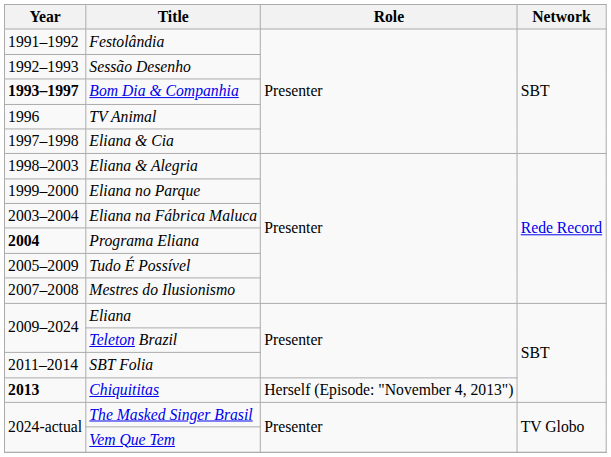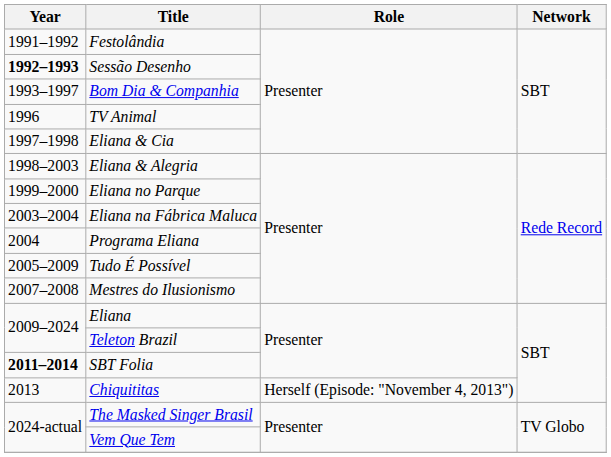 <table class="wikitable">
 <tr>
 <th>Year</th>
 <th>Title</th>
 <th>Role</th>
 <th>Network</th>
 </tr>
 <tr>
 <td>1991–1992</td>
 <td><em>Festolândia</em></td>
 <td rowspan="5">Presenter</td>
 <td rowspan="5">SBT</td>
 </tr>
 <tr>
-<td>1992–1993</td>
+<td><strong>1992–1993</strong></td>
 <td><em>Sessão Desenho</em></td>
 </tr>
 <tr>
-<td><strong>1993–1997</strong></td>
+<td>1993–1997</td>
 <td><em><a href='#'>Bom Dia & Companhia</a></em></td>
 </tr>
 <tr>
 <td>1996</td>
 <td><em>TV Animal</em></td>
 </tr>
 <tr>
 <td>1997–1998</td>
 <td><em>Eliana & Cia</em></td>
 </tr>
 <tr>
 <td>1998–2003</td>
 <td><em>Eliana & Alegria</em></td>
 <td rowspan="6">Presenter</td>
 <td rowspan="6"><a href='#'>Rede Record</a></td>
 </tr>
 <tr>
 <td>1999–2000</td>
 <td><em>Eliana no Parque</em></td>
 </tr>
 <tr>
 <td>2003–2004</td>
 <td><em>Eliana na Fábrica Maluca</em></td>
 </tr>
 <tr>
-<td><strong>2004</strong></td>
+<td>2004</td>
 <td><em>Programa Eliana</em></td>
 </tr>
 <tr>
 <td>2005–2009</td>
 <td><em>Tudo É Possível</em></td>
 </tr>
 <tr>
 <td>2007–2008</td>
 <td><em>Mestres do Ilusionismo</em></td>
 </tr>
 <tr>
 <td rowspan="2">2009–2024</td>
 <td><em>Eliana</em></td>
 <td rowspan="3">Presenter</td>
 <td rowspan="4">SBT</td>
 </tr>
 <tr>
 <td><em><a href='#'>Teleton</a> Brazil</em></td>
 </tr>
 <tr>
-<td>2011–2014</td>
+<td><strong>2011–2014</strong></td>
 <td><em>SBT Folia</em></td>
 </tr>
 <tr>
-<td><strong>2013</strong></td>
+<td>2013</td>
 <td><em><a href='#'>Chiquititas</a></em></td>
 <td>Herself (Episode: "November 4, 2013")</td>
 </tr>
 <tr>
 <td rowspan="2">2024-actual</td>
 <td><em><a href='#'>The Masked Singer Brasil</a></em></td>
 <td rowspan="2">Presenter</td>
 <td rowspan="2">TV Globo</td>
 </tr>
 <tr>
 <td><em><a href='#'>Vem Que Tem</a></em></td>
 </tr>
 <tr>
 </tr>
 </table>
